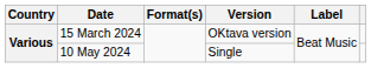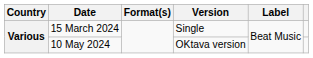 <table class="wikitable plainrowheaders">
 <tr>
 <th scope="col">Country</th>
 <th scope="col">Date</th>
 <th scope="col">Format(s)</th>
 <th scope="col">Version</th>
 <th scope="col">Label</th>
 <th scope="col"></th>
 </tr>
 <tr>
 <th scope="row" rowspan="2">Various</th>
 <td>15 March 2024</td>
 <td rowspan="2"></td>
-<td>OKtava version</td>
+<td>Single</td>
 <td rowspan="2">Beat Music</td>
 <td></td>
 </tr>
 <tr>
 <td>10 May 2024</td>
-<td>Single</td>
+<td>OKtava version</td>
 <td></td>
 </tr>
 </table>
